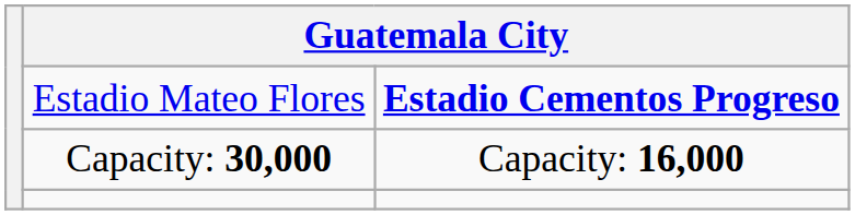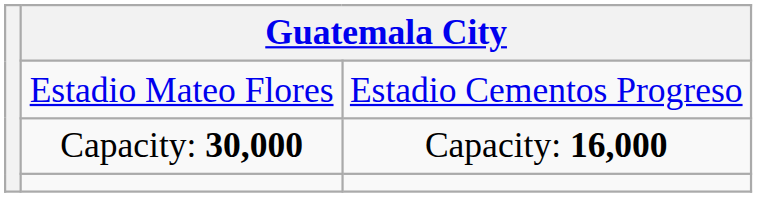 <table class="wikitable" style="text-align:center">
 <tr>
 <th rowspan="4"></th>
 <th colspan="2"><a href='#'>Guatemala City</a></th>
 </tr>
 <tr>
 <td><a href='#'>Estadio Mateo Flores</a></td>
-<td><strong><a href='#'>Estadio Cementos Progreso</a></strong></td>
+<td><a href='#'>Estadio Cementos Progreso</a></td>
 </tr>
 <tr>
 <td>Capacity: <strong>30,000</strong></td>
 <td>Capacity: <strong>16,000</strong></td>
 </tr>
 <tr>
 <td></td>
 <td></td>
 </tr>
 </table>
